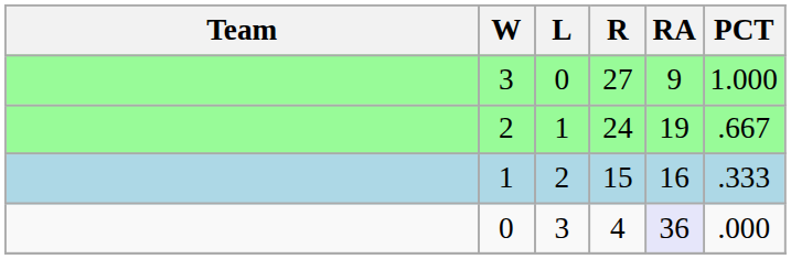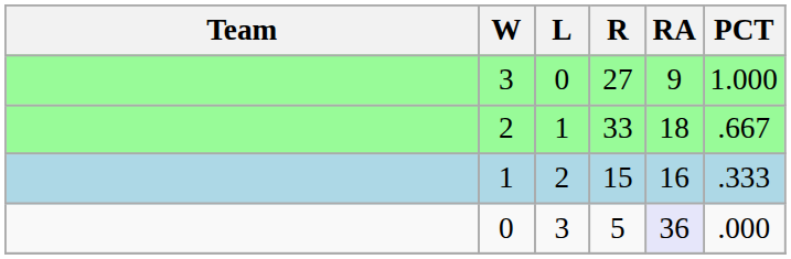 <table class=wikitable style="text-align:center;font-size:90%">
 <tr>
 <th width=220>Team</th>
 <th width=20>W</th>
 <th width=20>L</th>
 <th width=20>R</th>
 <th width=20>RA</th>
 <th width=20>PCT</th>
 </tr>
 <tr bgcolor=#98fb98>
 <td align=left></td>
 <td>3</td>
 <td>0</td>
 <td>27</td>
 <td>9</td>
 <td>1.000</td>
 </tr>
 <tr bgcolor=#98fb98>
 <td align=left></td>
 <td>2</td>
 <td>1</td>
-<td>24</td>
-<td>19</td>
+<td>33</td>
+<td>18</td>
 <td>.667</td>
 </tr>
 <tr bgcolor=lightblue>
 <td align=left></td>
 <td>1</td>
 <td>2</td>
 <td>15</td>
 <td>16</td>
 <td>.333</td>
 </tr>
 <tr>
 <td align=left></td>
 <td>0</td>
 <td>3</td>
-<td>4</td>
+<td>5</td>
 <td style="background: lavender;">36</td>
 <td>.000</td>
 </tr>
 <tr>
 </tr>
 </table>
